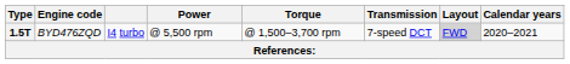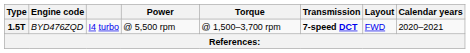 <table class="wikitable" style="text-align:left; font-size:80%;">
 <tr>
 <th>Type</th>
 <th>Engine code</th>
 <th></th>
 <th width="17%">Power</th>
 <th width="22%">Torque</th>
 <th>Transmission</th>
 <th>Layout</th>
 <th>Calendar years</th>
 </tr>
 <tr>
 <th>1.5T</th>
 <td><em>BYD476ZQD</em></td>
 <td> <a href='#'>I4</a> <a href='#'>turbo</a></td>
 <td> @ 5,500 rpm</td>
 <td> @ 1,500–3,700 rpm</td>
-<td>7-speed <a href='#'>DCT</a></td>
-<td style="background: lightgrey;"><a href='#'>FWD</a></td>
+<td><strong>7-speed <a href='#'>DCT</a></strong></td>
+<td><a href='#'>FWD</a></td>
 <td>2020–2021</td>
 </tr>
 <tr>
 <th colspan="8">References:</th>
 </tr>
 </table>
